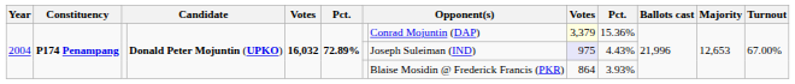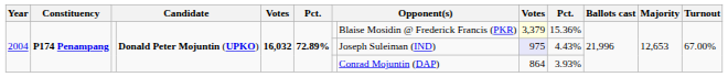 <table class="wikitable" style="margin:0.5em ; font-size:95%">
 <tr>
 <th>Year</th>
 <th>Constituency</th>
 <th colspan="2">Candidate</th>
 <th>Votes</th>
 <th>Pct.</th>
 <th colspan="2">Opponent(s)</th>
 <th>Votes</th>
 <th>Pct.</th>
 <th>Ballots cast</th>
 <th>Majority</th>
 <th>Turnout</th>
 </tr>
 <tr>
 <td rowspan="3"><a href='#'>2004</a></td>
 <td rowspan="3"><strong>P174 <a href='#'>Penampang</a></strong></td>
 <td rowspan="3" ></td>
 <td rowspan="3"><strong>Donald Peter Mojuntin</strong> (<a href='#'><strong>UPKO</strong></a>)</td>
 <td rowspan="3" align=right><strong>16,032</strong></td>
 <td rowspan="3"><strong>72.89%</strong></td>
 <td></td>
-<td><a href='#'>Conrad Mojuntin</a> (<a href='#'>DAP</a>)</td>
+<td>Blaise Mosidin @ Frederick Francis (<a href='#'>PKR</a>)</td>
 <td align=right style="background: lightyellow;">3,379</td>
 <td>15.36%</td>
 <td rowspan="3">21,996</td>
 <td rowspan="3">12,653</td>
 <td rowspan="3">67.00%</td>
 </tr>
 <tr>
 <td></td>
 <td>Joseph Suleiman (<a href='#'>IND</a>)</td>
 <td align=right style="background: lavender;">975</td>
 <td align=right>4.43%</td>
 </tr>
 <tr>
 <td></td>
-<td>Blaise Mosidin @ Frederick Francis (<a href='#'>PKR</a>)</td>
+<td><a href='#'>Conrad Mojuntin</a> (<a href='#'>DAP</a>)</td>
 <td align=right>864</td>
 <td align=right>3.93%</td>
 </tr>
 </table>
